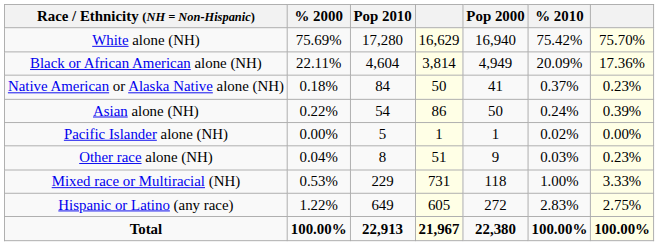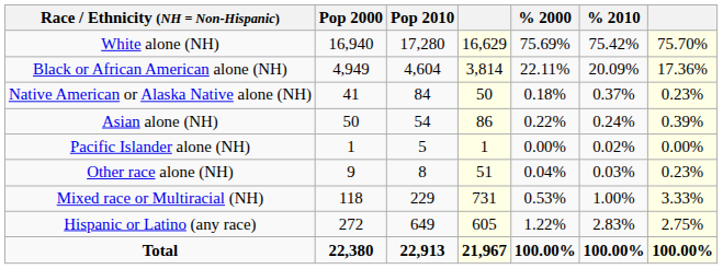 <table class="wikitable" style="text-align:center;">
 <tr>
 <th>Race / Ethnicity <small>(<em>NH = Non-Hispanic</em>)</small></th>
-<th>% 2000</th>
+<th>Pop 2000</th>
 <th>Pop 2010</th>
 <th></th>
-<th>Pop 2000</th>
+<th>% 2000</th>
 <th>% 2010</th>
 <th></th>
 </tr>
 <tr>
 <td><a href='#'>White</a> alone (NH)</td>
-<td>75.69%</td>
+<td>16,940</td>
 <td>17,280</td>
 <td style='background: #ffffe6;'>16,629</td>
-<td>16,940</td>
+<td>75.69%</td>
 <td>75.42%</td>
 <td style='background: #ffffe6;'>75.70%</td>
 </tr>
 <tr>
 <td><a href='#'>Black or African American</a> alone (NH)</td>
-<td>22.11%</td>
+<td>4,949</td>
 <td>4,604</td>
 <td style='background: #ffffe6;'>3,814</td>
-<td>4,949</td>
+<td>22.11%</td>
 <td>20.09%</td>
 <td style='background: #ffffe6;'>17.36%</td>
 </tr>
 <tr>
 <td><a href='#'>Native American</a> or <a href='#'>Alaska Native</a> alone (NH)</td>
-<td>0.18%</td>
+<td>41</td>
 <td>84</td>
 <td style='background: #ffffe6;'>50</td>
-<td>41</td>
+<td>0.18%</td>
 <td>0.37%</td>
 <td style='background: #ffffe6;'>0.23%</td>
 </tr>
 <tr>
 <td><a href='#'>Asian</a> alone (NH)</td>
-<td>0.22%</td>
+<td>50</td>
 <td>54</td>
 <td style='background: #ffffe6;'>86</td>
-<td>50</td>
+<td>0.22%</td>
 <td>0.24%</td>
 <td style='background: #ffffe6;'>0.39%</td>
 </tr>
 <tr>
 <td><a href='#'>Pacific Islander</a> alone (NH)</td>
-<td>0.00%</td>
+<td>1</td>
 <td>5</td>
 <td style='background: #ffffe6;'>1</td>
-<td>1</td>
+<td>0.00%</td>
 <td>0.02%</td>
 <td style='background: #ffffe6;'>0.00%</td>
 </tr>
 <tr>
 <td><a href='#'>Other race</a> alone (NH)</td>
-<td>0.04%</td>
+<td>9</td>
 <td>8</td>
 <td style='background: #ffffe6;'>51</td>
-<td>9</td>
+<td>0.04%</td>
 <td>0.03%</td>
 <td style='background: #ffffe6;'>0.23%</td>
 </tr>
 <tr>
 <td><a href='#'>Mixed race or Multiracial</a> (NH)</td>
-<td>0.53%</td>
+<td>118</td>
 <td>229</td>
 <td style='background: #ffffe6;'>731</td>
-<td>118</td>
+<td>0.53%</td>
 <td>1.00%</td>
 <td style='background: #ffffe6;'>3.33%</td>
 </tr>
 <tr>
 <td><a href='#'>Hispanic or Latino</a> (any race)</td>
-<td>1.22%</td>
+<td>272</td>
 <td>649</td>
 <td style='background: #ffffe6;'>605</td>
-<td>272</td>
+<td>1.22%</td>
 <td>2.83%</td>
 <td style='background: #ffffe6;'>2.75%</td>
 </tr>
 <tr>
 <td><strong>Total</strong></td>
-<td><strong>100.00%</strong></td>
+<td><strong>22,380</strong></td>
 <td><strong>22,913</strong></td>
 <td style='background: #ffffe6;'><strong>21,967</strong></td>
-<td><strong>22,380</strong></td>
+<td><strong>100.00%</strong></td>
 <td><strong>100.00%</strong></td>
 <td style='background: #ffffe6;'><strong>100.00%</strong></td>
 </tr>
 </table>
